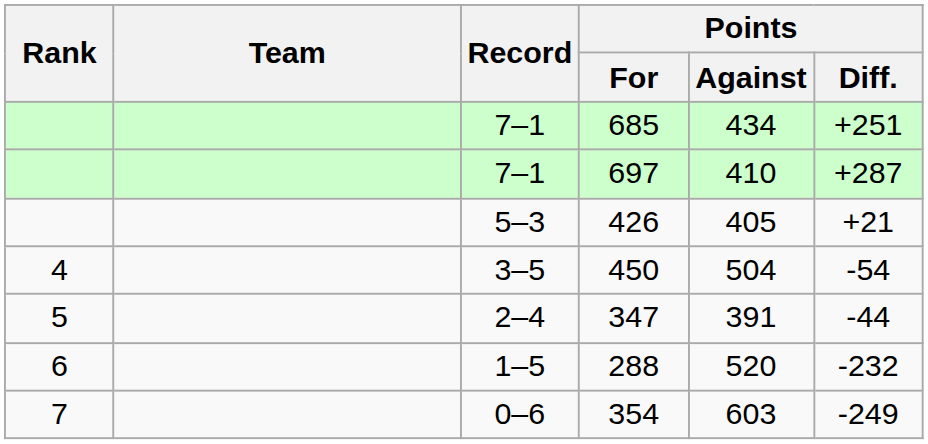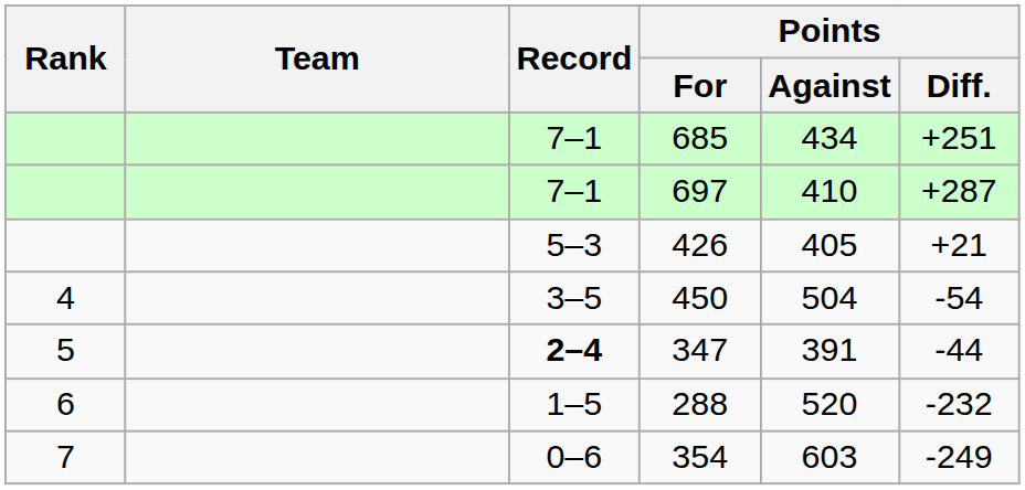 <table class="wikitable" style="text-align: center">
 <tr>
 <th rowspan="2" width="50">Rank</th>
 <th rowspan="2" width="175">Team</th>
 <th rowspan="2" width="50">Record</th>
 <th colspan="3" width="99">Points</th>
 </tr>
 <tr>
 <th width="50">For</th>
 <th width="50">Against</th>
 <th width="50">Diff.</th>
 </tr>
 <tr bgcolor="ccffcc">
 <td></td>
 <td align="left"></td>
 <td>7–1</td>
 <td>685</td>
 <td>434</td>
 <td>+251</td>
 </tr>
 <tr bgcolor="ccffcc">
 <td></td>
 <td align="left"></td>
 <td>7–1</td>
 <td>697</td>
 <td>410</td>
 <td>+287</td>
 </tr>
 <tr bgcolor="">
 <td></td>
 <td align="left"></td>
 <td>5–3</td>
 <td>426</td>
 <td>405</td>
 <td>+21</td>
 </tr>
 <tr bgcolor="">
 <td>4</td>
 <td align="left"></td>
 <td>3–5</td>
 <td>450</td>
 <td>504</td>
 <td>-54</td>
 </tr>
 <tr bgcolor="">
 <td>5</td>
 <td align="left"></td>
-<td>2–4</td>
+<td><strong>2–4</strong></td>
 <td>347</td>
 <td>391</td>
 <td>-44</td>
 </tr>
 <tr>
 <td>6</td>
 <td align="left"></td>
 <td>1–5</td>
 <td>288</td>
 <td>520</td>
 <td>-232</td>
 </tr>
 <tr>
 <td>7</td>
 <td align="left"></td>
 <td>0–6</td>
 <td>354</td>
 <td>603</td>
 <td>-249</td>
 </tr>
 </table>
